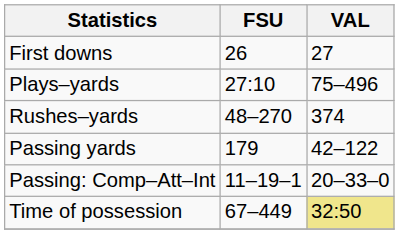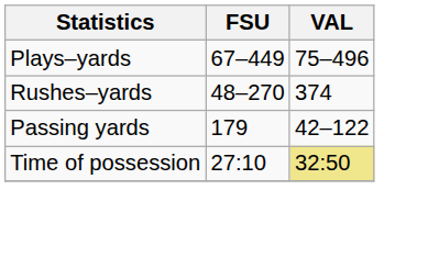 <table class="wikitable" style="float: left;">
 <tr>
 <th>Statistics</th>
 <th>FSU</th>
 <th>VAL</th>
 </tr>
 <tr>
-<td>First downs</td>
-<td>26</td>
-<td>27</td>
-</tr>
-<tr>
 <td>Plays–yards</td>
-<td>27:10</td>
+<td>67–449</td>
 <td>75–496</td>
 </tr>
 <tr>
 <td>Rushes–yards</td>
 <td>48–270</td>
 <td>374</td>
 </tr>
 <tr>
 <td>Passing yards</td>
 <td>179</td>
 <td>42–122</td>
 </tr>
 <tr>
-<td>Passing: Comp–Att–Int</td>
-<td>11–19–1</td>
-<td>20–33–0</td>
-</tr>
-<tr>
 <td>Time of possession</td>
-<td>67–449</td>
+<td>27:10</td>
 <td style="background: khaki;">32:50</td>
 </tr>
 <tr>
 </tr>
 </table>
